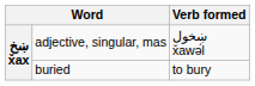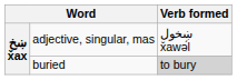 <table class="wikitable">
 <tr>
 <th colspan="2">Word</th>
 <th>Verb formed</th>
 </tr>
 <tr>
 <th rowspan="2">ښخ<br>x̌ax</th>
 <td>adjective, singular, mas</td>
 <td>ښخول<br>x̌awә́l</td>
 </tr>
 <tr>
 <td>buried</td>
-<td>to bury</td>
+<td style="background: lightgrey;">to bury</td>
 </tr>
 </table>
